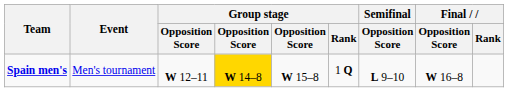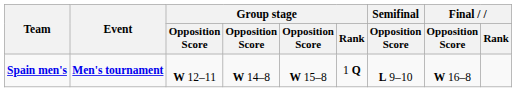 <table class="wikitable" style="text-align:center; font-size:90%">
 <tr>
 <th rowspan=2>Team</th>
 <th rowspan=2>Event</th>
 <th colspan=4>Group stage</th>
 <th>Semifinal</th>
 <th colspan=2>Final /  / </th>
 </tr>
 <tr style="font-size:95%">
 <th>Opposition<br>Score</th>
 <th>Opposition<br>Score</th>
 <th>Opposition<br>Score</th>
 <th>Rank</th>
 <th>Opposition<br>Score</th>
 <th>Opposition<br>Score</th>
 <th>Rank</th>
 </tr>
 <tr>
 <td align=left><strong><a href='#'>Spain men's</a></strong></td>
-<td align=left><a href='#'>Men's tournament</a></td>
+<td align=left><strong><a href='#'>Men's tournament</a></strong></td>
 <td><br><strong>W</strong> 12–11</td>
-<td style="background: gold;"><br><strong>W</strong> 14–8</td>
+<td><br><strong>W</strong> 14–8</td>
 <td><br><strong>W</strong> 15–8</td>
 <td>1 <strong>Q</strong></td>
 <td><br><strong>L</strong> 9–10</td>
 <td><br><strong>W</strong> 16–8</td>
 <td></td>
 </tr>
 </table>
